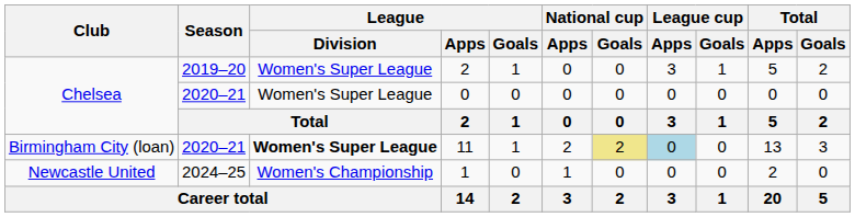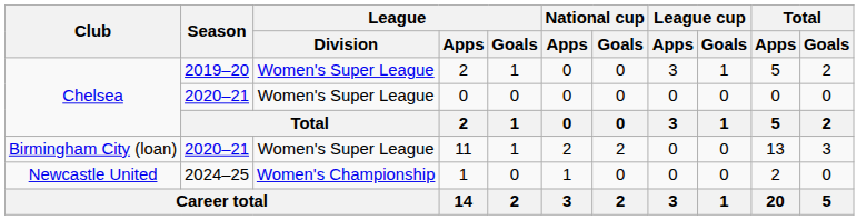 <table class="wikitable" style="text-align:center">
 <tr>
 <th rowspan="2">Club</th>
 <th rowspan="2">Season</th>
 <th colspan="3">League</th>
 <th colspan="2">National cup</th>
 <th colspan="2">League cup</th>
 <th colspan="2">Total</th>
 </tr>
 <tr>
 <th>Division</th>
 <th>Apps</th>
 <th>Goals</th>
 <th>Apps</th>
 <th>Goals</th>
 <th>Apps</th>
 <th>Goals</th>
 <th>Apps</th>
 <th>Goals</th>
 </tr>
 <tr>
 <td rowspan="3"><a href='#'>Chelsea</a></td>
 <td><a href='#'>2019–20</a></td>
 <td><a href='#'>Women's Super League</a></td>
 <td>2</td>
 <td>1</td>
 <td>0</td>
 <td>0</td>
 <td>3</td>
 <td>1</td>
 <td>5</td>
 <td>2</td>
 </tr>
 <tr>
 <td><a href='#'>2020–21</a></td>
 <td>Women's Super League</td>
 <td>0</td>
 <td>0</td>
 <td>0</td>
 <td>0</td>
 <td>0</td>
 <td>0</td>
 <td>0</td>
 <td>0</td>
 </tr>
 <tr>
 <th colspan="2">Total</th>
 <th>2</th>
 <th>1</th>
 <th>0</th>
 <th>0</th>
 <th>3</th>
 <th>1</th>
 <th>5</th>
 <th>2</th>
 </tr>
 <tr>
 <td><a href='#'>Birmingham City</a> (loan)</td>
 <td><a href='#'>2020–21</a></td>
-<td><strong>Women's Super League</strong></td>
+<td>Women's Super League</td>
 <td>11</td>
 <td>1</td>
 <td>2</td>
-<td style="background: khaki;">2</td>
-<td style="background: lightblue;">0</td>
+<td>2</td>
+<td>0</td>
 <td>0</td>
 <td>13</td>
 <td>3</td>
 </tr>
 <tr>
 <td><a href='#'>Newcastle United</a></td>
 <td>2024–25</td>
 <td><a href='#'>Women's Championship</a></td>
 <td>1</td>
 <td>0</td>
 <td>1</td>
 <td>0</td>
 <td>0</td>
 <td>0</td>
 <td>2</td>
 <td>0</td>
 </tr>
 <tr>
 <th colspan="3">Career total</th>
 <th>14</th>
 <th>2</th>
 <th>3</th>
 <th>2</th>
 <th>3</th>
 <th>1</th>
 <th>20</th>
 <th>5</th>
 </tr>
 </table>
